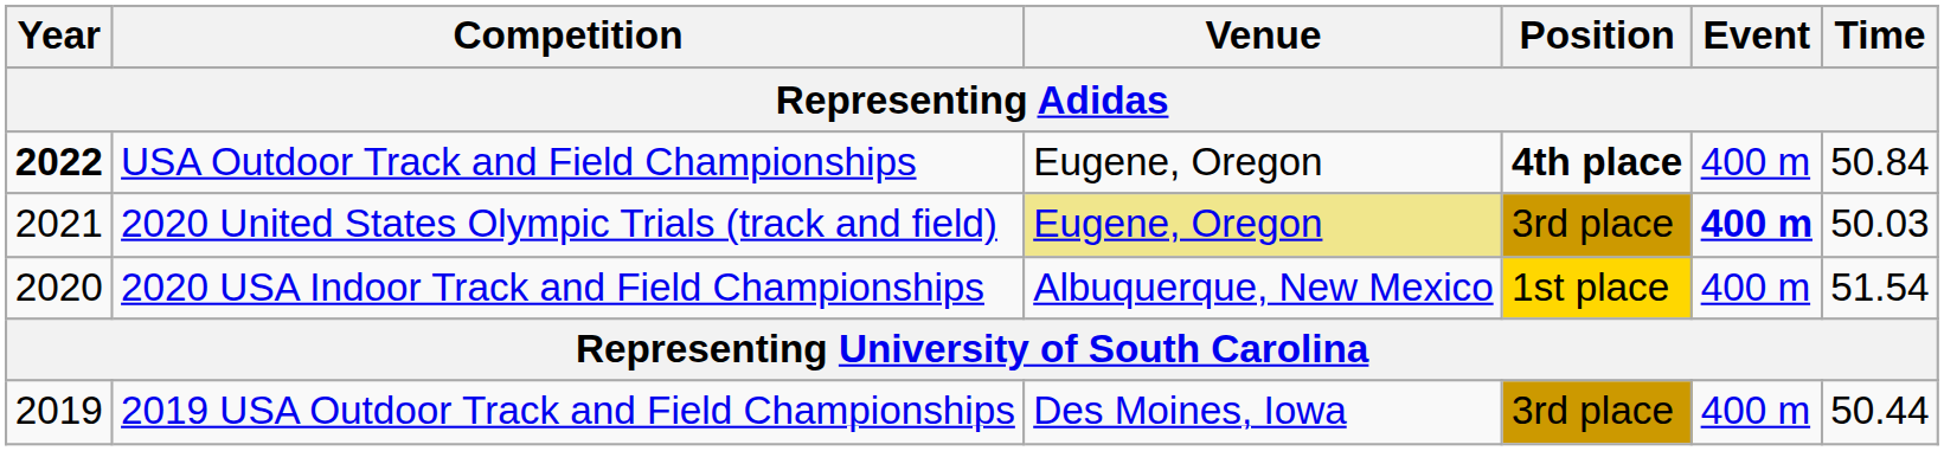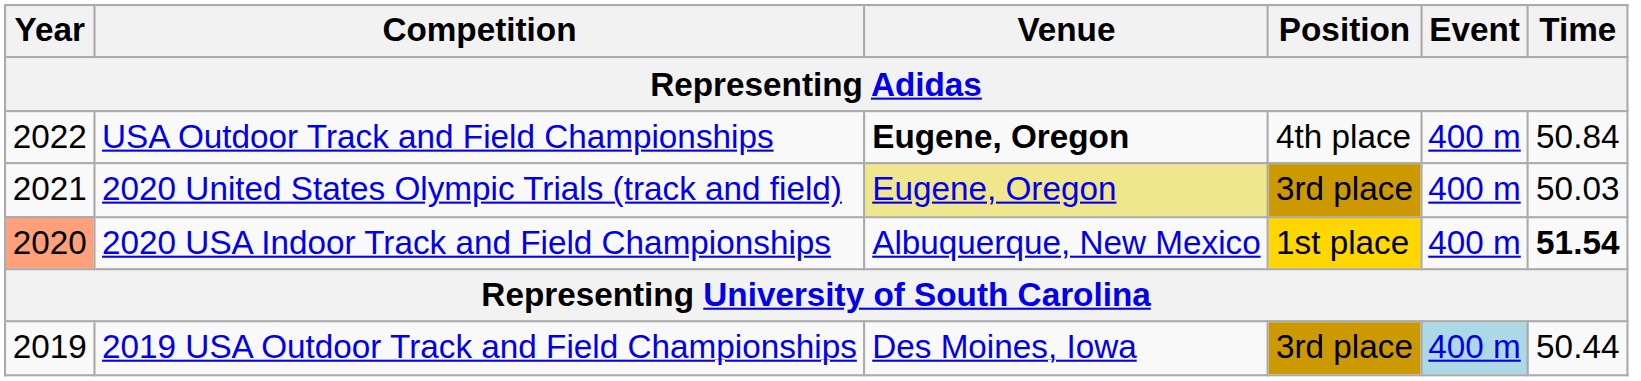 <table class="wikitable">
 <tr>
 <th>Year</th>
 <th>Competition</th>
 <th>Venue</th>
 <th>Position</th>
 <th>Event</th>
 <th>Time</th>
 </tr>
 <tr>
 <th colspan="7">Representing <a href='#'>Adidas</a></th>
 </tr>
 <tr>
-<td><strong>2022</strong></td>
+<td>2022</td>
 <td><a href='#'>USA Outdoor Track and Field Championships</a></td>
-<td>Eugene, Oregon</td>
-<td><strong>4th place</strong></td>
+<td><strong>Eugene, Oregon</strong></td>
+<td>4th place</td>
 <td><a href='#'>400 m</a></td>
 <td>50.84</td>
 </tr>
 <tr>
 <td>2021</td>
 <td><a href='#'>2020 United States Olympic Trials (track and field)</a></td>
 <td style="background: khaki;"><a href='#'>Eugene, Oregon</a></td>
 <td bgcolor=cc9900>3rd place</td>
-<td><strong><a href='#'>400 m</a></strong></td>
+<td><a href='#'>400 m</a></td>
 <td>50.03</td>
 </tr>
 <tr>
-<td>2020</td>
+<td style="background: lightsalmon;">2020</td>
 <td><a href='#'>2020 USA Indoor Track and Field Championships</a></td>
 <td><a href='#'>Albuquerque, New Mexico</a></td>
 <td bgcolor=gold>1st place</td>
 <td><a href='#'>400 m</a></td>
-<td>51.54</td>
+<td><strong>51.54</strong></td>
 </tr>
 <tr>
 <th colspan="7">Representing <a href='#'>University of South Carolina</a></th>
 </tr>
 <tr>
 <td>2019</td>
 <td><a href='#'>2019 USA Outdoor Track and Field Championships</a></td>
 <td><a href='#'>Des Moines, Iowa</a></td>
 <td bgcolor=cc9900>3rd place</td>
-<td><a href='#'>400 m</a></td>
+<td style="background: lightblue;"><a href='#'>400 m</a></td>
 <td>50.44</td>
 </tr>
 </table>
